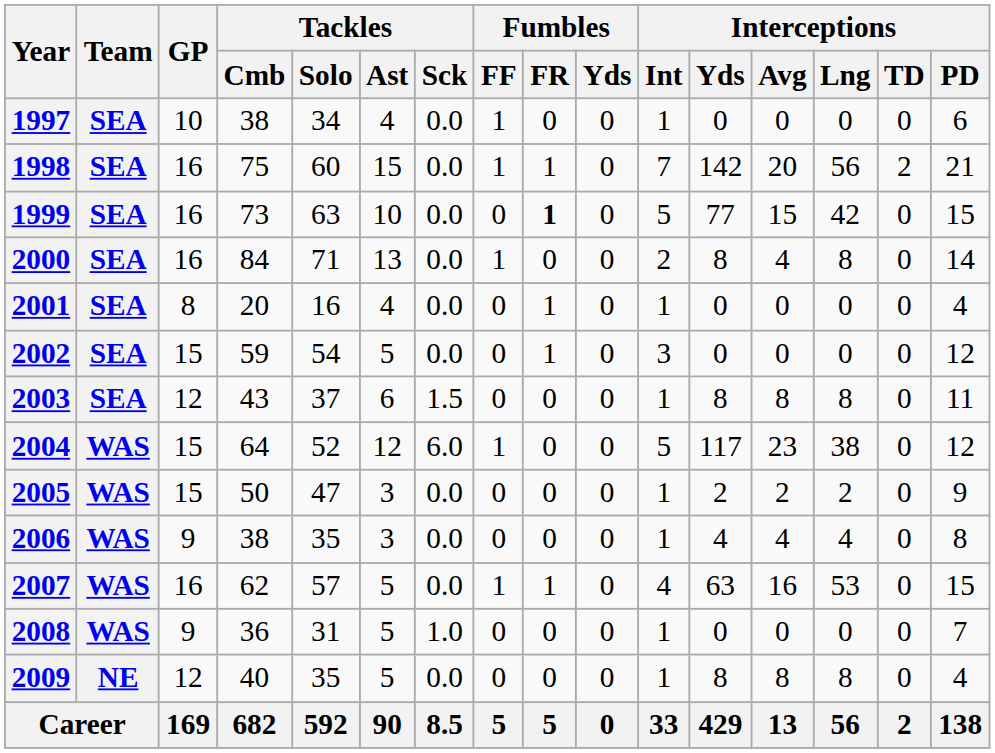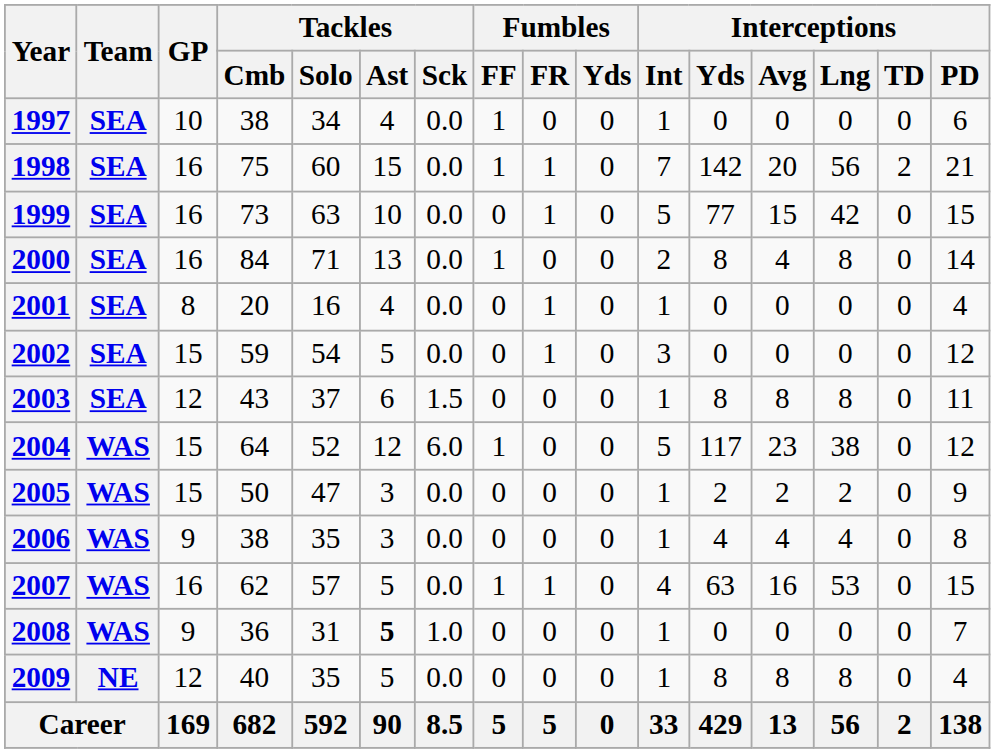 <table class="wikitable" style="text-align: center;">
 <tr>
 <th rowspan="2">Year</th>
 <th rowspan="2">Team</th>
 <th rowspan="2">GP</th>
 <th colspan="4">Tackles</th>
 <th colspan="3">Fumbles</th>
 <th colspan="6">Interceptions</th>
 </tr>
 <tr>
 <th>Cmb</th>
 <th>Solo</th>
 <th>Ast</th>
 <th>Sck</th>
 <th>FF</th>
 <th>FR</th>
 <th>Yds</th>
 <th>Int</th>
 <th>Yds</th>
 <th>Avg</th>
 <th>Lng</th>
 <th>TD</th>
 <th>PD</th>
 </tr>
 <tr>
 <th><a href='#'>1997</a></th>
 <th><a href='#'>SEA</a></th>
 <td>10</td>
 <td>38</td>
 <td>34</td>
 <td>4</td>
 <td>0.0</td>
 <td>1</td>
 <td>0</td>
 <td>0</td>
 <td>1</td>
 <td>0</td>
 <td>0</td>
 <td>0</td>
 <td>0</td>
 <td>6</td>
 </tr>
 <tr>
 <th><a href='#'>1998</a></th>
 <th><a href='#'>SEA</a></th>
 <td>16</td>
 <td>75</td>
 <td>60</td>
 <td>15</td>
 <td>0.0</td>
 <td>1</td>
 <td>1</td>
 <td>0</td>
 <td>7</td>
 <td>142</td>
 <td>20</td>
 <td>56</td>
 <td>2</td>
 <td>21</td>
 </tr>
 <tr>
 <th><a href='#'>1999</a></th>
 <th><a href='#'>SEA</a></th>
 <td>16</td>
 <td>73</td>
 <td>63</td>
 <td>10</td>
 <td>0.0</td>
 <td>0</td>
-<td><strong>1</strong></td>
+<td>1</td>
 <td>0</td>
 <td>5</td>
 <td>77</td>
 <td>15</td>
 <td>42</td>
 <td>0</td>
 <td>15</td>
 </tr>
 <tr>
 <th><a href='#'>2000</a></th>
 <th><a href='#'>SEA</a></th>
 <td>16</td>
 <td>84</td>
 <td>71</td>
 <td>13</td>
 <td>0.0</td>
 <td>1</td>
 <td>0</td>
 <td>0</td>
 <td>2</td>
 <td>8</td>
 <td>4</td>
 <td>8</td>
 <td>0</td>
 <td>14</td>
 </tr>
 <tr>
 <th><a href='#'>2001</a></th>
 <th><a href='#'>SEA</a></th>
 <td>8</td>
 <td>20</td>
 <td>16</td>
 <td>4</td>
 <td>0.0</td>
 <td>0</td>
 <td>1</td>
 <td>0</td>
 <td>1</td>
 <td>0</td>
 <td>0</td>
 <td>0</td>
 <td>0</td>
 <td>4</td>
 </tr>
 <tr>
 <th><a href='#'>2002</a></th>
 <th><a href='#'>SEA</a></th>
 <td>15</td>
 <td>59</td>
 <td>54</td>
 <td>5</td>
 <td>0.0</td>
 <td>0</td>
 <td>1</td>
 <td>0</td>
 <td>3</td>
 <td>0</td>
 <td>0</td>
 <td>0</td>
 <td>0</td>
 <td>12</td>
 </tr>
 <tr>
 <th><a href='#'>2003</a></th>
 <th><a href='#'>SEA</a></th>
 <td>12</td>
 <td>43</td>
 <td>37</td>
 <td>6</td>
 <td>1.5</td>
 <td>0</td>
 <td>0</td>
 <td>0</td>
 <td>1</td>
 <td>8</td>
 <td>8</td>
 <td>8</td>
 <td>0</td>
 <td>11</td>
 </tr>
 <tr>
 <th><a href='#'>2004</a></th>
 <th><a href='#'>WAS</a></th>
 <td>15</td>
 <td>64</td>
 <td>52</td>
 <td>12</td>
 <td>6.0</td>
 <td>1</td>
 <td>0</td>
 <td>0</td>
 <td>5</td>
 <td>117</td>
 <td>23</td>
 <td>38</td>
 <td>0</td>
 <td>12</td>
 </tr>
 <tr>
 <th><a href='#'>2005</a></th>
 <th><a href='#'>WAS</a></th>
 <td>15</td>
 <td>50</td>
 <td>47</td>
 <td>3</td>
 <td>0.0</td>
 <td>0</td>
 <td>0</td>
 <td>0</td>
 <td>1</td>
 <td>2</td>
 <td>2</td>
 <td>2</td>
 <td>0</td>
 <td>9</td>
 </tr>
 <tr>
 <th><a href='#'>2006</a></th>
 <th><a href='#'>WAS</a></th>
 <td>9</td>
 <td>38</td>
 <td>35</td>
 <td>3</td>
 <td>0.0</td>
 <td>0</td>
 <td>0</td>
 <td>0</td>
 <td>1</td>
 <td>4</td>
 <td>4</td>
 <td>4</td>
 <td>0</td>
 <td>8</td>
 </tr>
 <tr>
 <th><a href='#'>2007</a></th>
 <th><a href='#'>WAS</a></th>
 <td>16</td>
 <td>62</td>
 <td>57</td>
 <td>5</td>
 <td>0.0</td>
 <td>1</td>
 <td>1</td>
 <td>0</td>
 <td>4</td>
 <td>63</td>
 <td>16</td>
 <td>53</td>
 <td>0</td>
 <td>15</td>
 </tr>
 <tr>
 <th><a href='#'>2008</a></th>
 <th><a href='#'>WAS</a></th>
 <td>9</td>
 <td>36</td>
 <td>31</td>
-<td>5</td>
+<td><strong>5</strong></td>
 <td>1.0</td>
 <td>0</td>
 <td>0</td>
 <td>0</td>
 <td>1</td>
 <td>0</td>
 <td>0</td>
 <td>0</td>
 <td>0</td>
 <td>7</td>
 </tr>
 <tr>
 <th><a href='#'>2009</a></th>
 <th><a href='#'>NE</a></th>
 <td>12</td>
 <td>40</td>
 <td>35</td>
 <td>5</td>
 <td>0.0</td>
 <td>0</td>
 <td>0</td>
 <td>0</td>
 <td>1</td>
 <td>8</td>
 <td>8</td>
 <td>8</td>
 <td>0</td>
 <td>4</td>
 </tr>
 <tr>
 <th colspan="2">Career</th>
 <th>169</th>
 <th>682</th>
 <th>592</th>
 <th>90</th>
 <th>8.5</th>
 <th>5</th>
 <th>5</th>
 <th>0</th>
 <th>33</th>
 <th>429</th>
 <th>13</th>
 <th>56</th>
 <th>2</th>
 <th>138</th>
 </tr>
 </table>
